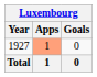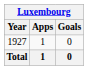 <table class="wikitable" style="text-align:center">
 <tr>
 <th colspan=3><a href='#'>Luxembourg</a></th>
 </tr>
 <tr>
 <th>Year</th>
 <th>Apps</th>
 <th>Goals</th>
 </tr>
 <tr>
 <td>1927</td>
-<td style="background: lightsalmon;">1</td>
+<td>1</td>
 <td>0</td>
 </tr>
 <tr>
 <th>Total</th>
 <th>1</th>
 <th>0</th>
 </tr>
 </table>
